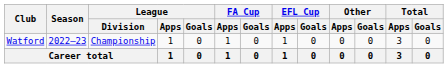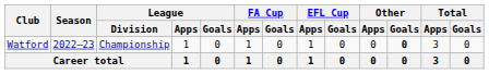 <table class=wikitable style=text-align:center>
 <tr>
 <th rowspan=2>Club</th>
 <th rowspan=2>Season</th>
 <th colspan=3>League</th>
 <th colspan=2><a href='#'>FA Cup</a></th>
 <th colspan=2><a href='#'>EFL Cup</a></th>
 <th colspan=2>Other</th>
 <th colspan=2>Total</th>
 </tr>
 <tr>
 <th>Division</th>
 <th>Apps</th>
 <th>Goals</th>
 <th>Apps</th>
 <th>Goals</th>
 <th>Apps</th>
 <th>Goals</th>
 <th>Apps</th>
 <th>Goals</th>
 <th>Apps</th>
 <th>Goals</th>
 </tr>
 <tr>
 <td><a href='#'>Watford</a></td>
 <td><a href='#'>2022–23</a></td>
 <td><a href='#'>Championship</a></td>
 <td>1</td>
 <td>0</td>
 <td>1</td>
 <td>0</td>
 <td>1</td>
 <td>0</td>
 <td>0</td>
-<td>0</td>
+<td><strong>0</strong></td>
 <td>3</td>
 <td>0</td>
 </tr>
 <tr>
 <th colspan=3>Career total</th>
 <th>1</th>
 <th>0</th>
 <th>1</th>
 <th>0</th>
 <th>1</th>
 <th>0</th>
 <th>0</th>
 <th>0</th>
 <th>3</th>
 <th>0</th>
 </tr>
 </table>
